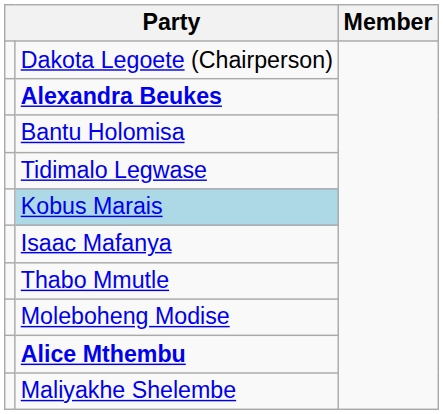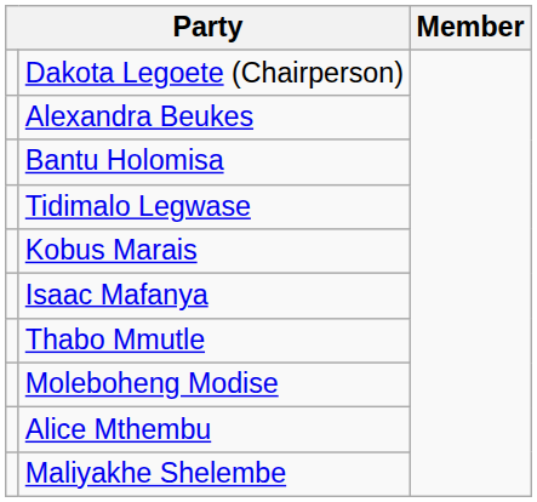 <table class="wikitable" border="1">
 <tr>
 <th colspan="2" scope="col">Party</th>
 <th scope="col">Member</th>
 </tr>
 <tr>
 <td></td>
 <td><a href='#'>Dakota Legoete</a> (Chairperson)</td>
 </tr>
 <tr>
 <td></td>
-<td><strong><a href='#'>Alexandra Beukes</a></strong></td>
+<td><a href='#'>Alexandra Beukes</a></td>
 </tr>
 <tr>
 <td></td>
 <td><a href='#'>Bantu Holomisa</a></td>
 </tr>
 <tr>
 <td></td>
 <td><a href='#'>Tidimalo Legwase</a></td>
 </tr>
 <tr>
 <td></td>
-<td style="background: lightblue;"><a href='#'>Kobus Marais</a></td>
+<td><a href='#'>Kobus Marais</a></td>
 </tr>
 <tr>
 <td></td>
 <td><a href='#'>Isaac Mafanya</a></td>
 </tr>
 <tr>
 <td></td>
 <td><a href='#'>Thabo Mmutle</a></td>
 </tr>
 <tr>
 <td></td>
 <td><a href='#'>Moleboheng Modise</a></td>
 </tr>
 <tr>
 <td></td>
-<td><strong><a href='#'>Alice Mthembu</a></strong></td>
+<td><a href='#'>Alice Mthembu</a></td>
 </tr>
 <tr>
 <td></td>
 <td><a href='#'>Maliyakhe Shelembe</a></td>
 </tr>
 </table>
